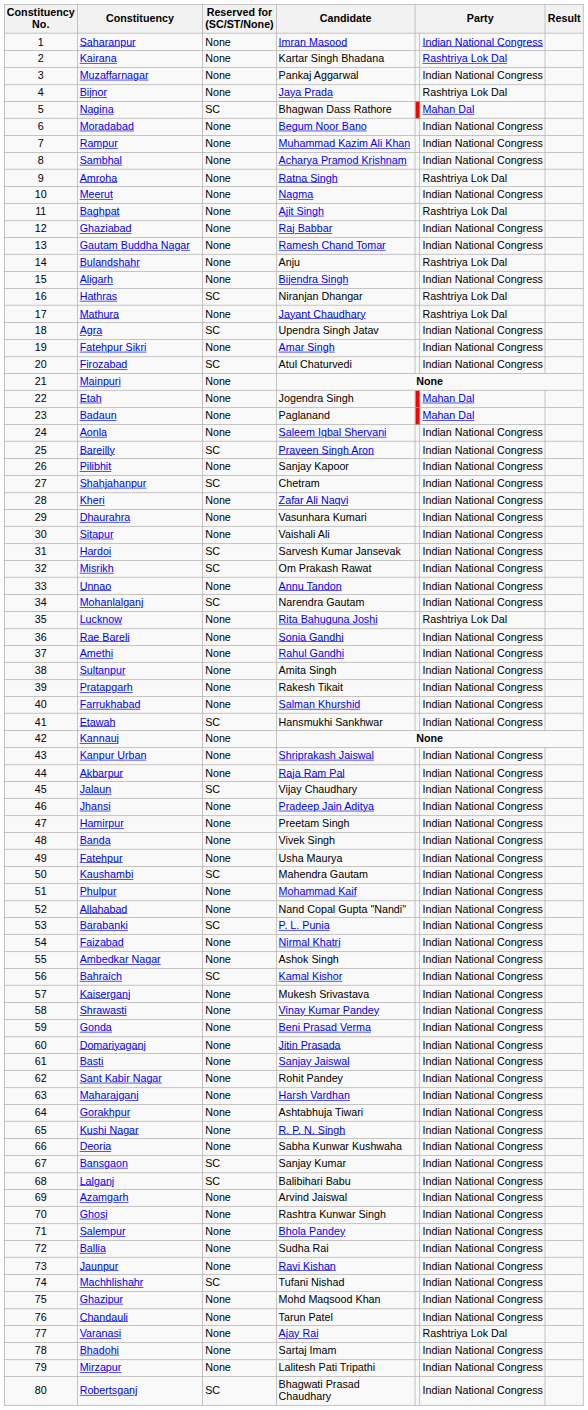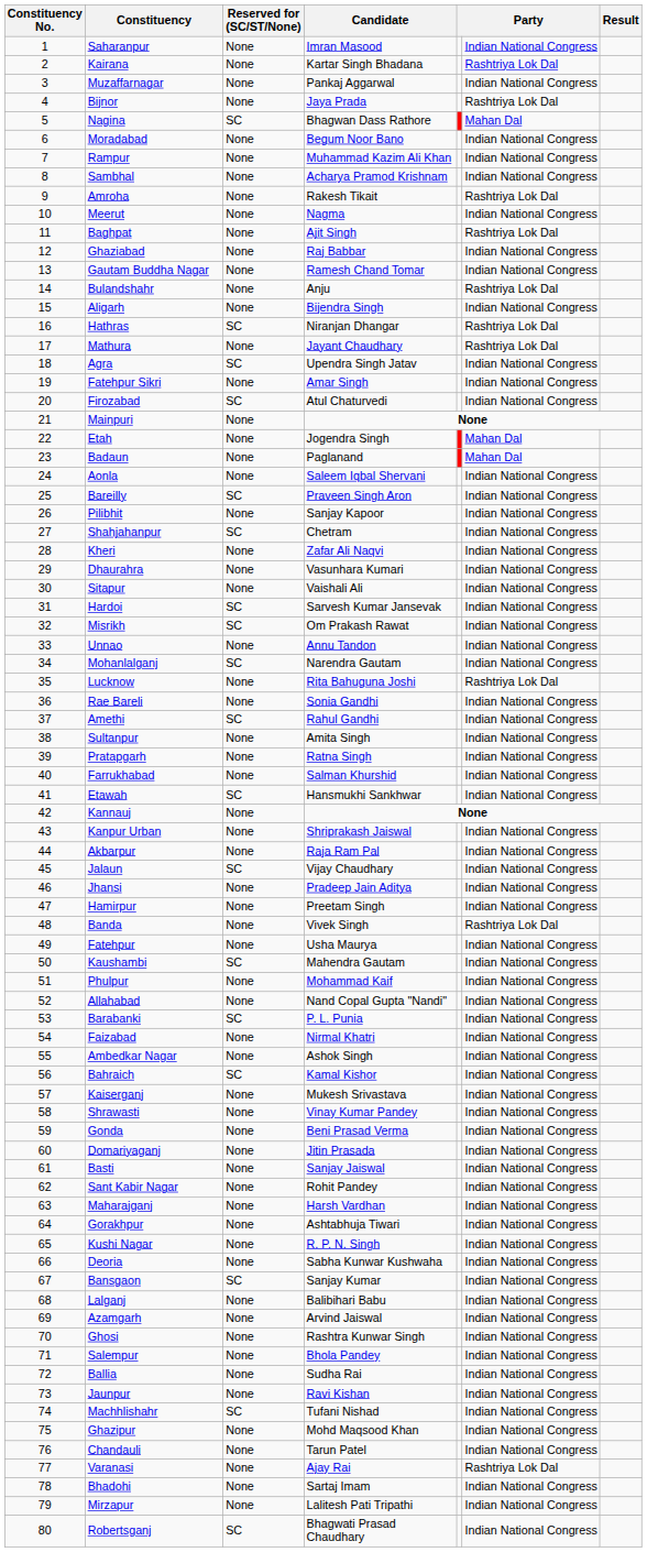 <table class= "wikitable sortable">
 <tr>
 <th>Constituency <br> No.</th>
 <th style="width:180px;">Constituency</th>
 <th>Reserved for<br>(SC/ST/None)</th>
 <th style="width:200px;">Candidate</th>
 <th colspan="2">Party</th>
 <th>Result</th>
 </tr>
 <tr>
 <td align="center">1</td>
 <td><a href='#'>Saharanpur</a></td>
 <td>None</td>
 <td><a href='#'>Imran Masood</a></td>
 <td></td>
 <td><a href='#'>Indian National Congress</a></td>
 <td></td>
 </tr>
 <tr>
 <td align="center">2</td>
 <td><a href='#'>Kairana</a></td>
 <td>None</td>
 <td>Kartar Singh Bhadana</td>
 <td></td>
 <td><a href='#'>Rashtriya Lok Dal</a></td>
 <td></td>
 </tr>
 <tr>
 <td align="center">3</td>
 <td><a href='#'>Muzaffarnagar</a></td>
 <td>None</td>
 <td>Pankaj Aggarwal</td>
 <td></td>
 <td>Indian National Congress</td>
 <td></td>
 </tr>
 <tr>
 <td align="center">4</td>
 <td><a href='#'>Bijnor</a></td>
 <td>None</td>
 <td><a href='#'>Jaya Prada</a></td>
 <td></td>
 <td>Rashtriya Lok Dal</td>
 <td></td>
 </tr>
 <tr>
 <td align="center">5</td>
 <td><a href='#'>Nagina</a></td>
 <td>SC</td>
 <td>Bhagwan Dass Rathore</td>
 <td bgcolor=red></td>
 <td><a href='#'>Mahan Dal</a></td>
 <td></td>
 </tr>
 <tr>
 <td align="center">6</td>
 <td><a href='#'>Moradabad</a></td>
 <td>None</td>
 <td><a href='#'>Begum Noor Bano</a></td>
 <td></td>
 <td>Indian National Congress</td>
 <td></td>
 </tr>
 <tr>
 <td align="center">7</td>
 <td><a href='#'>Rampur</a></td>
 <td>None</td>
 <td><a href='#'>Muhammad Kazim Ali Khan</a></td>
 <td></td>
 <td>Indian National Congress</td>
 <td></td>
 </tr>
 <tr>
 <td align="center">8</td>
 <td><a href='#'>Sambhal</a></td>
 <td>None</td>
 <td><a href='#'>Acharya Pramod Krishnam</a></td>
 <td></td>
 <td>Indian National Congress</td>
 <td></td>
 </tr>
 <tr>
 <td align="center">9</td>
 <td><a href='#'>Amroha</a></td>
 <td>None</td>
-<td><a href='#'>Ratna Singh</a></td>
+<td>Rakesh Tikait</td>
 <td></td>
 <td>Rashtriya Lok Dal</td>
 <td></td>
 </tr>
 <tr>
 <td align="center">10</td>
 <td><a href='#'>Meerut</a></td>
 <td>None</td>
 <td><a href='#'>Nagma</a></td>
 <td></td>
 <td>Indian National Congress</td>
 <td></td>
 </tr>
 <tr>
 <td align="center">11</td>
 <td><a href='#'>Baghpat</a></td>
 <td>None</td>
 <td><a href='#'>Ajit Singh</a></td>
 <td></td>
 <td>Rashtriya Lok Dal</td>
 <td></td>
 </tr>
 <tr>
 <td align="center">12</td>
 <td><a href='#'>Ghaziabad</a></td>
 <td>None</td>
 <td><a href='#'>Raj Babbar</a></td>
 <td></td>
 <td>Indian National Congress</td>
 <td></td>
 </tr>
 <tr>
 <td align="center">13</td>
 <td><a href='#'>Gautam Buddha Nagar</a></td>
 <td>None</td>
 <td><a href='#'>Ramesh Chand Tomar</a></td>
 <td></td>
 <td>Indian National Congress</td>
 <td></td>
 </tr>
 <tr>
 <td align="center">14</td>
 <td><a href='#'>Bulandshahr</a></td>
 <td>None</td>
 <td>Anju</td>
 <td></td>
 <td>Rashtriya Lok Dal</td>
 <td></td>
 </tr>
 <tr>
 <td align="center">15</td>
 <td><a href='#'>Aligarh</a></td>
 <td>None</td>
 <td><a href='#'>Bijendra Singh</a></td>
 <td></td>
 <td>Indian National Congress</td>
 <td></td>
 </tr>
 <tr>
 <td align="center">16</td>
 <td><a href='#'>Hathras</a></td>
 <td>SC</td>
 <td>Niranjan Dhangar</td>
 <td></td>
 <td>Rashtriya Lok Dal</td>
 <td></td>
 </tr>
 <tr>
 <td align="center">17</td>
 <td><a href='#'>Mathura</a></td>
 <td>None</td>
 <td><a href='#'>Jayant Chaudhary</a></td>
 <td></td>
 <td>Rashtriya Lok Dal</td>
 <td></td>
 </tr>
 <tr>
 <td align="center">18</td>
 <td><a href='#'>Agra</a></td>
 <td>SC</td>
 <td>Upendra Singh Jatav</td>
 <td></td>
 <td>Indian National Congress</td>
 <td></td>
 </tr>
 <tr>
 <td align="center">19</td>
 <td><a href='#'>Fatehpur Sikri</a></td>
 <td>None</td>
 <td><a href='#'>Amar Singh</a></td>
 <td></td>
 <td>Indian National Congress</td>
 <td></td>
 </tr>
 <tr>
 <td align="center">20</td>
 <td><a href='#'>Firozabad</a></td>
 <td>SC</td>
 <td>Atul Chaturvedi</td>
 <td></td>
 <td>Indian National Congress</td>
 <td></td>
 </tr>
 <tr>
 <td align="center">21</td>
 <td><a href='#'>Mainpuri</a></td>
 <td>None</td>
 <td align="center" colspan=4><strong>None</strong></td>
 </tr>
 <tr>
 <td align="center">22</td>
 <td><a href='#'>Etah</a></td>
 <td>None</td>
 <td>Jogendra Singh</td>
 <td bgcolor=red></td>
 <td><a href='#'>Mahan Dal</a></td>
 <td></td>
 </tr>
 <tr>
 <td align="center">23</td>
 <td><a href='#'>Badaun</a></td>
 <td>None</td>
 <td>Paglanand</td>
 <td bgcolor=red></td>
 <td><a href='#'>Mahan Dal</a></td>
 <td></td>
 </tr>
 <tr>
 <td align="center">24</td>
 <td><a href='#'>Aonla</a></td>
 <td>None</td>
 <td><a href='#'>Saleem Iqbal Shervani</a></td>
 <td></td>
 <td>Indian National Congress</td>
 <td></td>
 </tr>
 <tr>
 <td align="center">25</td>
 <td><a href='#'>Bareilly</a></td>
 <td>SC</td>
 <td><a href='#'>Praveen Singh Aron</a></td>
 <td></td>
 <td>Indian National Congress</td>
 <td></td>
 </tr>
 <tr>
 <td align="center">26</td>
 <td><a href='#'>Pilibhit</a></td>
 <td>None</td>
 <td>Sanjay Kapoor</td>
 <td></td>
 <td>Indian National Congress</td>
 <td></td>
 </tr>
 <tr>
 <td align="center">27</td>
 <td><a href='#'>Shahjahanpur</a></td>
 <td>SC</td>
 <td>Chetram</td>
 <td></td>
 <td>Indian National Congress</td>
 <td></td>
 </tr>
 <tr>
 <td align="center">28</td>
 <td><a href='#'>Kheri</a></td>
 <td>None</td>
 <td><a href='#'>Zafar Ali Naqvi</a></td>
 <td></td>
 <td>Indian National Congress</td>
 <td></td>
 </tr>
 <tr>
 <td align="center">29</td>
 <td><a href='#'>Dhaurahra</a></td>
 <td>None</td>
 <td>Vasunhara Kumari</td>
 <td></td>
 <td>Indian National Congress</td>
 <td></td>
 </tr>
 <tr>
 <td align="center">30</td>
 <td><a href='#'>Sitapur</a></td>
 <td>None</td>
 <td>Vaishali Ali</td>
 <td></td>
 <td>Indian National Congress</td>
 <td></td>
 </tr>
 <tr>
 <td align="center">31</td>
 <td><a href='#'>Hardoi</a></td>
 <td>SC</td>
 <td>Sarvesh Kumar Jansevak</td>
 <td></td>
 <td>Indian National Congress</td>
 <td></td>
 </tr>
 <tr>
 <td align="center">32</td>
 <td><a href='#'>Misrikh</a></td>
 <td>SC</td>
 <td>Om Prakash Rawat</td>
 <td></td>
 <td>Indian National Congress</td>
 <td></td>
 </tr>
 <tr>
 <td align="center">33</td>
 <td><a href='#'>Unnao</a></td>
 <td>None</td>
 <td><a href='#'>Annu Tandon</a></td>
 <td></td>
 <td>Indian National Congress</td>
 <td></td>
 </tr>
 <tr>
 <td align="center">34</td>
 <td><a href='#'>Mohanlalganj</a></td>
 <td>SC</td>
 <td>Narendra Gautam</td>
 <td></td>
 <td>Indian National Congress</td>
 <td></td>
 </tr>
 <tr>
 <td align="center">35</td>
 <td><a href='#'>Lucknow</a></td>
 <td>None</td>
 <td><a href='#'>Rita Bahuguna Joshi</a></td>
 <td></td>
 <td>Rashtriya Lok Dal</td>
 <td></td>
 </tr>
 <tr>
 <td align="center">36</td>
 <td><a href='#'>Rae Bareli</a></td>
 <td>None</td>
 <td><a href='#'>Sonia Gandhi</a></td>
 <td></td>
 <td>Indian National Congress</td>
 <td></td>
 </tr>
 <tr>
 <td align="center">37</td>
 <td><a href='#'>Amethi</a></td>
-<td>None</td>
+<td>SC</td>
 <td><a href='#'>Rahul Gandhi</a></td>
 <td></td>
 <td>Indian National Congress</td>
 <td></td>
 </tr>
 <tr>
 <td align="center">38</td>
 <td><a href='#'>Sultanpur</a></td>
 <td>None</td>
 <td>Amita Singh</td>
 <td></td>
 <td>Indian National Congress</td>
 <td></td>
 </tr>
 <tr>
 <td align="center">39</td>
 <td><a href='#'>Pratapgarh</a></td>
 <td>None</td>
-<td>Rakesh Tikait</td>
+<td><a href='#'>Ratna Singh</a></td>
 <td></td>
 <td>Indian National Congress</td>
 <td></td>
 </tr>
 <tr>
 <td align="center">40</td>
 <td><a href='#'>Farrukhabad</a></td>
 <td>None</td>
 <td><a href='#'>Salman Khurshid</a></td>
 <td></td>
 <td>Indian National Congress</td>
 <td></td>
 </tr>
 <tr>
 <td align="center">41</td>
 <td><a href='#'>Etawah</a></td>
 <td>SC</td>
 <td>Hansmukhi Sankhwar</td>
 <td></td>
 <td>Indian National Congress</td>
 <td></td>
 </tr>
 <tr>
 <td align="center">42</td>
 <td><a href='#'>Kannauj</a></td>
 <td>None</td>
 <td align="center" colspan=4><strong>None</strong></td>
 </tr>
 <tr>
 <td align="center">43</td>
 <td><a href='#'>Kanpur Urban</a></td>
 <td>None</td>
 <td><a href='#'>Shriprakash Jaiswal</a></td>
 <td></td>
 <td>Indian National Congress</td>
 <td></td>
 </tr>
 <tr>
 <td align="center">44</td>
 <td><a href='#'>Akbarpur</a></td>
 <td>None</td>
 <td><a href='#'>Raja Ram Pal</a></td>
 <td></td>
 <td>Indian National Congress</td>
 <td></td>
 </tr>
 <tr>
 <td align="center">45</td>
 <td><a href='#'>Jalaun</a></td>
 <td>SC</td>
 <td>Vijay Chaudhary</td>
 <td></td>
 <td>Indian National Congress</td>
 <td></td>
 </tr>
 <tr>
 <td align="center">46</td>
 <td><a href='#'>Jhansi</a></td>
 <td>None</td>
 <td><a href='#'>Pradeep Jain Aditya</a></td>
 <td></td>
 <td>Indian National Congress</td>
 <td></td>
 </tr>
 <tr>
 <td align="center">47</td>
 <td><a href='#'>Hamirpur</a></td>
 <td>None</td>
 <td>Preetam Singh</td>
 <td></td>
 <td>Indian National Congress</td>
 <td></td>
 </tr>
 <tr>
 <td align="center">48</td>
 <td><a href='#'>Banda</a></td>
 <td>None</td>
 <td>Vivek Singh</td>
 <td></td>
-<td>Indian National Congress</td>
+<td>Rashtriya Lok Dal</td>
 <td></td>
 </tr>
 <tr>
 <td align="center">49</td>
 <td><a href='#'>Fatehpur</a></td>
 <td>None</td>
 <td>Usha Maurya</td>
 <td></td>
 <td>Indian National Congress</td>
 <td></td>
 </tr>
 <tr>
 <td align="center">50</td>
 <td><a href='#'>Kaushambi</a></td>
 <td>SC</td>
 <td>Mahendra Gautam</td>
 <td></td>
 <td>Indian National Congress</td>
 <td></td>
 </tr>
 <tr>
 <td align="center">51</td>
 <td><a href='#'>Phulpur</a></td>
 <td>None</td>
 <td><a href='#'>Mohammad Kaif</a></td>
 <td></td>
 <td>Indian National Congress</td>
 <td></td>
 </tr>
 <tr>
 <td align="center">52</td>
 <td><a href='#'>Allahabad</a></td>
 <td>None</td>
 <td>Nand Copal Gupta "Nandi"</td>
 <td></td>
 <td>Indian National Congress</td>
 <td></td>
 </tr>
 <tr>
 <td align="center">53</td>
 <td><a href='#'>Barabanki</a></td>
 <td>SC</td>
 <td><a href='#'>P. L. Punia</a></td>
 <td></td>
 <td>Indian National Congress</td>
 <td></td>
 </tr>
 <tr>
 <td align="center">54</td>
 <td><a href='#'>Faizabad</a></td>
 <td>None</td>
 <td><a href='#'>Nirmal Khatri</a></td>
 <td></td>
 <td>Indian National Congress</td>
 <td></td>
 </tr>
 <tr>
 <td align="center">55</td>
 <td><a href='#'>Ambedkar Nagar</a></td>
 <td>None</td>
 <td>Ashok Singh</td>
 <td></td>
 <td>Indian National Congress</td>
 <td></td>
 </tr>
 <tr>
 <td align="center">56</td>
 <td><a href='#'>Bahraich</a></td>
 <td>SC</td>
 <td><a href='#'>Kamal Kishor</a></td>
 <td></td>
 <td>Indian National Congress</td>
 <td></td>
 </tr>
 <tr>
 <td align="center">57</td>
 <td><a href='#'>Kaiserganj</a></td>
 <td>None</td>
 <td>Mukesh Srivastava</td>
 <td></td>
 <td>Indian National Congress</td>
 <td></td>
 </tr>
 <tr>
 <td align="center">58</td>
 <td><a href='#'>Shrawasti</a></td>
 <td>None</td>
 <td><a href='#'>Vinay Kumar Pandey</a></td>
 <td></td>
 <td>Indian National Congress</td>
 <td></td>
 </tr>
 <tr>
 <td align="center">59</td>
 <td><a href='#'>Gonda</a></td>
 <td>None</td>
 <td><a href='#'>Beni Prasad Verma</a></td>
 <td></td>
 <td>Indian National Congress</td>
 <td></td>
 </tr>
 <tr>
 <td align="center">60</td>
 <td><a href='#'>Domariyaganj</a></td>
 <td>None</td>
 <td><a href='#'>Jitin Prasada</a></td>
 <td></td>
 <td>Indian National Congress</td>
 <td></td>
 </tr>
 <tr>
 <td align="center">61</td>
 <td><a href='#'>Basti</a></td>
 <td>None</td>
 <td><a href='#'>Sanjay Jaiswal</a></td>
 <td></td>
 <td>Indian National Congress</td>
 <td></td>
 </tr>
 <tr>
 <td align="center">62</td>
 <td><a href='#'>Sant Kabir Nagar</a></td>
 <td>None</td>
 <td>Rohit Pandey</td>
 <td></td>
 <td>Indian National Congress</td>
 <td></td>
 </tr>
 <tr>
 <td align="center">63</td>
 <td><a href='#'>Maharajganj</a></td>
 <td>None</td>
 <td><a href='#'>Harsh Vardhan</a></td>
 <td></td>
 <td>Indian National Congress</td>
 <td></td>
 </tr>
 <tr>
 <td align="center">64</td>
 <td><a href='#'>Gorakhpur</a></td>
 <td>None</td>
 <td>Ashtabhuja Tiwari</td>
 <td></td>
 <td>Indian National Congress</td>
 <td></td>
 </tr>
 <tr>
 <td align="center">65</td>
 <td><a href='#'>Kushi Nagar</a></td>
 <td>None</td>
 <td><a href='#'>R. P. N. Singh</a></td>
 <td></td>
 <td>Indian National Congress</td>
 <td></td>
 </tr>
 <tr>
 <td align="center">66</td>
 <td><a href='#'>Deoria</a></td>
 <td>None</td>
 <td>Sabha Kunwar Kushwaha</td>
 <td></td>
 <td>Indian National Congress</td>
 <td></td>
 </tr>
 <tr>
 <td align="center">67</td>
 <td><a href='#'>Bansgaon</a></td>
 <td>SC</td>
 <td>Sanjay Kumar</td>
 <td></td>
 <td>Indian National Congress</td>
 <td></td>
 </tr>
 <tr>
 <td align="center">68</td>
 <td><a href='#'>Lalganj</a></td>
-<td>SC</td>
+<td>None</td>
 <td>Balibihari Babu</td>
 <td></td>
 <td>Indian National Congress</td>
 <td></td>
 </tr>
 <tr>
 <td align="center">69</td>
 <td><a href='#'>Azamgarh</a></td>
 <td>None</td>
 <td>Arvind Jaiswal</td>
 <td></td>
 <td>Indian National Congress</td>
 <td></td>
 </tr>
 <tr>
 <td align="center">70</td>
 <td><a href='#'>Ghosi</a></td>
 <td>None</td>
 <td>Rashtra Kunwar Singh</td>
 <td></td>
 <td>Indian National Congress</td>
 <td></td>
 </tr>
 <tr>
 <td align="center">71</td>
 <td><a href='#'>Salempur</a></td>
 <td>None</td>
 <td><a href='#'>Bhola Pandey</a></td>
 <td></td>
 <td>Indian National Congress</td>
 <td></td>
 </tr>
 <tr>
 <td align="center">72</td>
 <td><a href='#'>Ballia</a></td>
 <td>None</td>
 <td>Sudha Rai</td>
 <td></td>
 <td>Indian National Congress</td>
 <td></td>
 </tr>
 <tr>
 <td align="center">73</td>
 <td><a href='#'>Jaunpur</a></td>
 <td>None</td>
 <td><a href='#'>Ravi Kishan</a></td>
 <td></td>
 <td>Indian National Congress</td>
 <td></td>
 </tr>
 <tr>
 <td align="center">74</td>
 <td><a href='#'>Machhlishahr</a></td>
 <td>SC</td>
 <td>Tufani Nishad</td>
 <td></td>
 <td>Indian National Congress</td>
 <td></td>
 </tr>
 <tr>
 <td align="center">75</td>
 <td><a href='#'>Ghazipur</a></td>
 <td>None</td>
 <td>Mohd Maqsood Khan</td>
 <td></td>
 <td>Indian National Congress</td>
 <td></td>
 </tr>
 <tr>
 <td align="center">76</td>
 <td><a href='#'>Chandauli</a></td>
 <td>None</td>
 <td>Tarun Patel</td>
 <td></td>
 <td>Indian National Congress</td>
 <td></td>
 </tr>
 <tr>
 <td align="center">77</td>
 <td><a href='#'>Varanasi</a></td>
 <td>None</td>
 <td><a href='#'>Ajay Rai</a></td>
 <td></td>
 <td>Rashtriya Lok Dal</td>
 <td></td>
 </tr>
 <tr>
 <td align="center">78</td>
 <td><a href='#'>Bhadohi</a></td>
 <td>None</td>
 <td>Sartaj Imam</td>
 <td></td>
 <td>Indian National Congress</td>
 <td></td>
 </tr>
 <tr>
 <td align="center">79</td>
 <td><a href='#'>Mirzapur</a></td>
 <td>None</td>
 <td>Lalitesh Pati Tripathi</td>
 <td></td>
 <td>Indian National Congress</td>
 <td></td>
 </tr>
 <tr>
 <td align="center">80</td>
 <td><a href='#'>Robertsganj</a></td>
 <td>SC</td>
 <td>Bhagwati Prasad Chaudhary</td>
 <td></td>
 <td>Indian National Congress</td>
 <td></td>
 </tr>
 </table>
